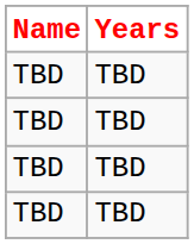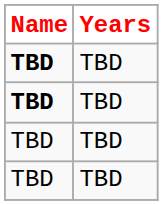 <table class="wikitable">
 <tr>
 <th style="color:#FF0000; background:#FFFFFF;">Name</th>
 <th style="color:#FF0000; background:#FFFFFF;">Years</th>
 </tr>
 <tr>
-<td> TBD</td>
+<td><strong> TBD</strong></td>
 <td>TBD</td>
 </tr>
 <tr>
-<td> TBD</td>
+<td><strong> TBD</strong></td>
 <td>TBD</td>
 </tr>
 <tr>
 <td> TBD</td>
 <td>TBD</td>
 </tr>
 <tr>
 <td> TBD</td>
 <td>TBD</td>
 </tr>
 </table>
